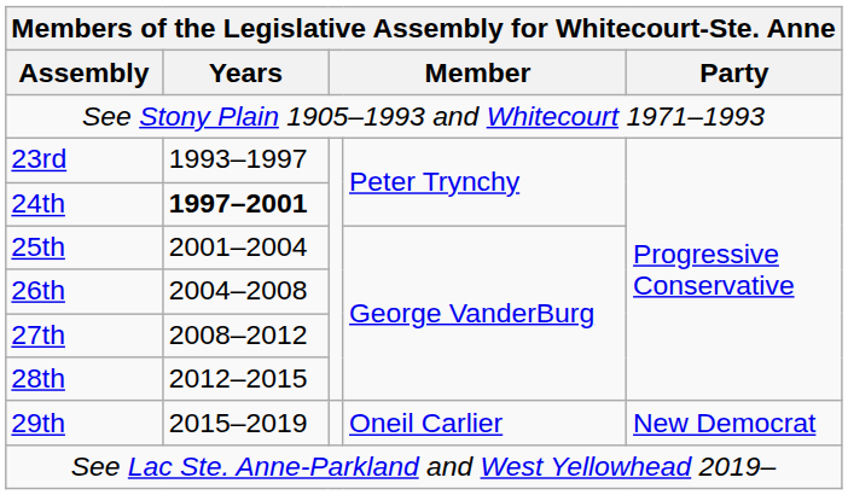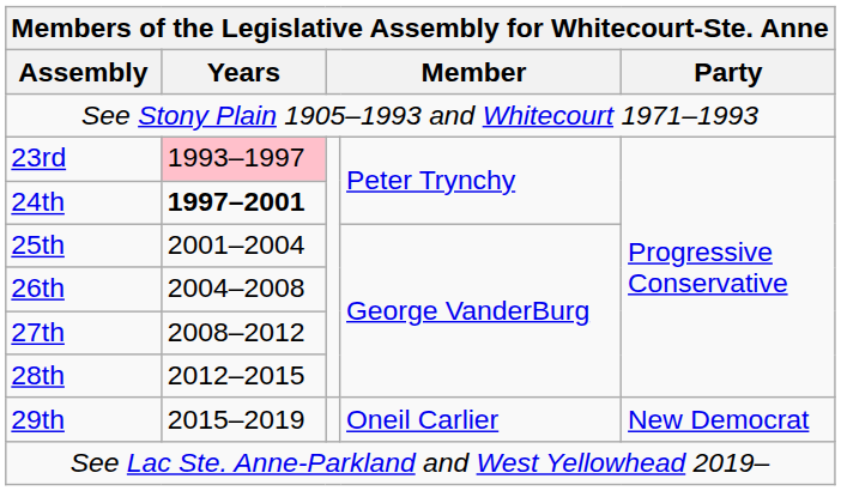 <table class="wikitable" style="float:right; clear:right; margin-left:1em">
 <tr>
 <th colspan=5>Members of the Legislative Assembly for Whitecourt-Ste. Anne</th>
 </tr>
 <tr>
 <th>Assembly</th>
 <th>Years</th>
 <th colspan="2">Member</th>
 <th>Party</th>
 </tr>
 <tr>
 <td align="center" colspan=5><em>See <a href='#'>Stony Plain</a> 1905–1993 and <a href='#'>Whitecourt</a> 1971–1993</em></td>
 </tr>
 <tr>
 <td><a href='#'>23rd</a></td>
-<td>1993–1997</td>
+<td style="background: pink;">1993–1997</td>
 <td rowspan=6 ></td>
 <td rowspan=2><a href='#'>Peter Trynchy</a></td>
 <td rowspan=6><a href='#'>Progressive<br>Conservative</a></td>
 </tr>
 <tr>
 <td><a href='#'>24th</a></td>
 <td><strong>1997–2001</strong></td>
 </tr>
 <tr>
 <td><a href='#'>25th</a></td>
 <td>2001–2004</td>
 <td rowspan=4><a href='#'>George VanderBurg</a></td>
 </tr>
 <tr>
 <td><a href='#'>26th</a></td>
 <td>2004–2008</td>
 </tr>
 <tr>
 <td><a href='#'>27th</a></td>
 <td>2008–2012</td>
 </tr>
 <tr>
 <td><a href='#'>28th</a></td>
 <td>2012–2015</td>
 </tr>
 <tr>
 <td><a href='#'>29th</a></td>
 <td>2015–2019</td>
 <td></td>
 <td><a href='#'>Oneil Carlier</a></td>
 <td><a href='#'>New Democrat</a></td>
 </tr>
 <tr>
 <td align="center" colspan=5><em>See <a href='#'>Lac Ste. Anne-Parkland</a> and <a href='#'>West Yellowhead</a> 2019–</em></td>
 </tr>
 </table>
